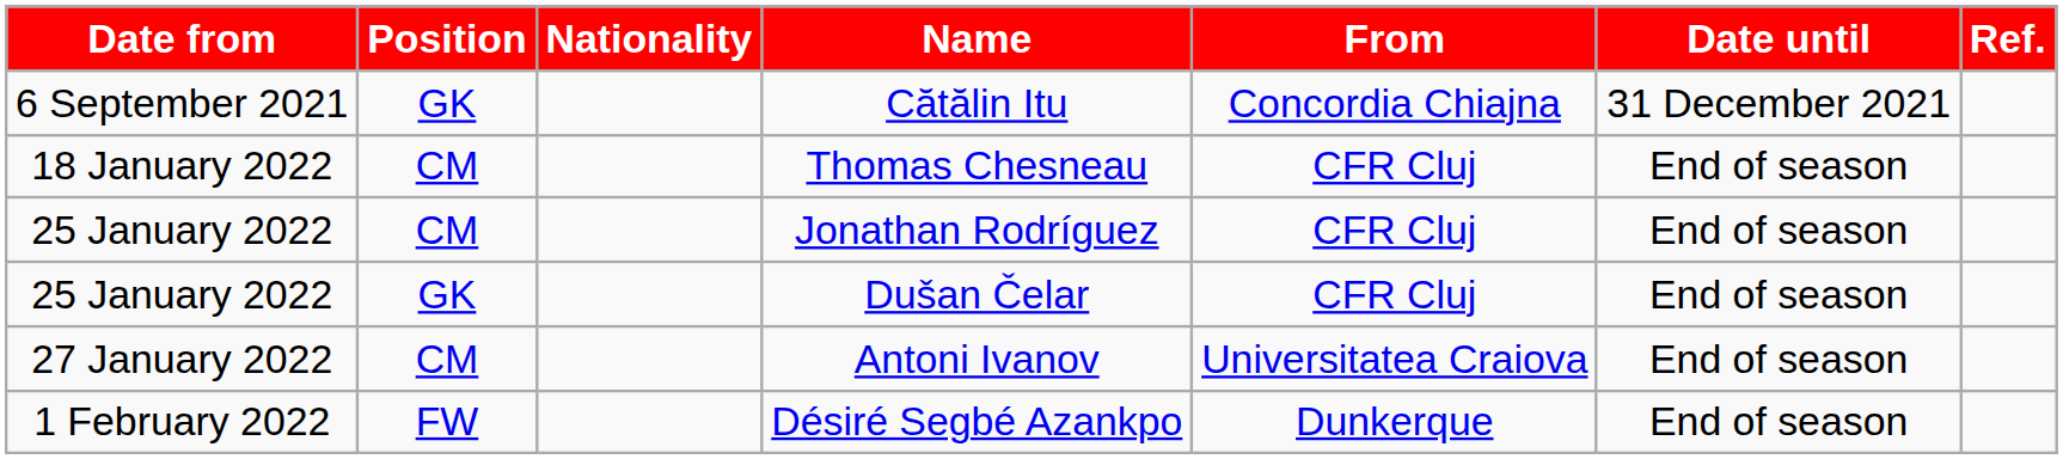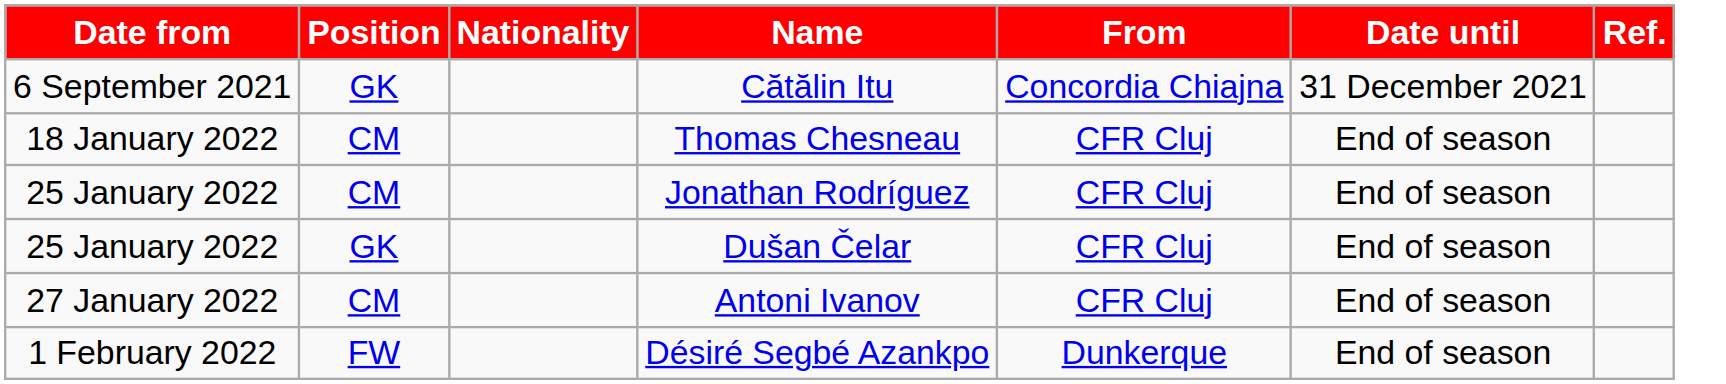 <table class="wikitable"  style="text-align:center; font-size:90%; ">
 <tr>
 <th style="background:red;color:white;">Date from</th>
 <th style="background:red;color:white;">Position</th>
 <th style="background:red;color:white;">Nationality</th>
 <th style="background:red;color:white;">Name</th>
 <th style="background:red;color:white;">From</th>
 <th style="background:red;color:white;">Date until</th>
 <th style="background:red;color:white;">Ref.</th>
 </tr>
 <tr>
 <td>6 September 2021</td>
 <td><a href='#'>GK</a></td>
 <td></td>
 <td><a href='#'>Cătălin Itu</a></td>
 <td><a href='#'>Concordia Chiajna</a></td>
 <td>31 December 2021</td>
 <td></td>
 </tr>
 <tr>
 <td>18 January 2022</td>
 <td><a href='#'>CM</a></td>
 <td></td>
 <td><a href='#'>Thomas Chesneau</a></td>
 <td><a href='#'>CFR Cluj</a></td>
 <td>End of season</td>
 <td></td>
 </tr>
 <tr>
 <td>25 January 2022</td>
 <td><a href='#'>CM</a></td>
 <td></td>
 <td><a href='#'>Jonathan Rodríguez</a></td>
 <td><a href='#'>CFR Cluj</a></td>
 <td>End of season</td>
 <td></td>
 </tr>
 <tr>
 <td>25 January 2022</td>
 <td><a href='#'>GK</a></td>
 <td></td>
 <td><a href='#'>Dušan Čelar</a></td>
 <td><a href='#'>CFR Cluj</a></td>
 <td>End of season</td>
 <td></td>
 </tr>
 <tr>
 <td>27 January 2022</td>
 <td><a href='#'>CM</a></td>
 <td></td>
 <td><a href='#'>Antoni Ivanov</a></td>
-<td><a href='#'>Universitatea Craiova</a></td>
+<td><a href='#'>CFR Cluj</a></td>
 <td>End of season</td>
 <td></td>
 </tr>
 <tr>
 <td>1 February 2022</td>
 <td><a href='#'>FW</a></td>
 <td></td>
 <td><a href='#'>Désiré Segbé Azankpo</a></td>
 <td> <a href='#'>Dunkerque</a></td>
 <td>End of season</td>
 <td></td>
 </tr>
 </table>
